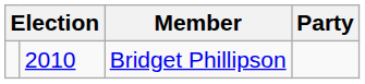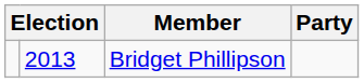 <table class="wikitable">
 <tr>
 <th colspan="2">Election</th>
 <th>Member</th>
 <th>Party</th>
 </tr>
 <tr>
 <td style="color:inherit;background-color: "></td>
-<td><a href='#'>2010</a></td>
+<td><a href='#'>2013</a></td>
 <td><a href='#'>Bridget Phillipson</a></td>
 <td></td>
 </tr>
 </table>
